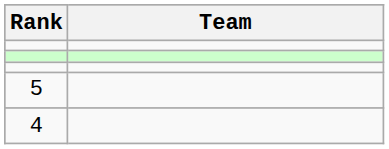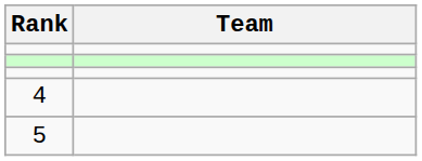 <table class=wikitable style="text-align:center;">
 <tr>
 <th>Rank</th>
 <th width=180>Team</th>
 </tr>
 <tr>
 <td></td>
 <td align=left></td>
 </tr>
 <tr bgcolor=#CCFFCC>
 <td></td>
 <td align=left></td>
 </tr>
 <tr>
 <td></td>
 <td align=left></td>
 </tr>
 <tr>
+<td>4</td>
+<td align=left></td>
+</tr>
+<tr>
 <td>5</td>
 <td align=left></td>
 </tr>
-<tr>
-<td>4</td>
-<td align=left></td>
-</tr>
 </table>
